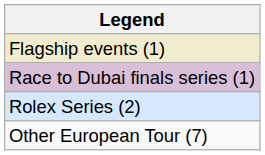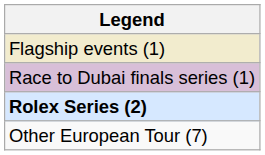 <table class="wikitable" style="font-size:95%;">
 <tr>
 <th>Legend</th>
 </tr>
 <tr style="background:#f2ecce;">
 <td>Flagship events (1)</td>
 </tr>
 <tr style="background:thistle;">
 <td>Race to Dubai finals series (1)</td>
 </tr>
 <tr style="background:#D6E8FF;">
-<td>Rolex Series (2)</td>
+<td><strong>Rolex Series (2)</strong></td>
 </tr>
 <tr>
 <td>Other European Tour (7)</td>
 </tr>
 </table>
